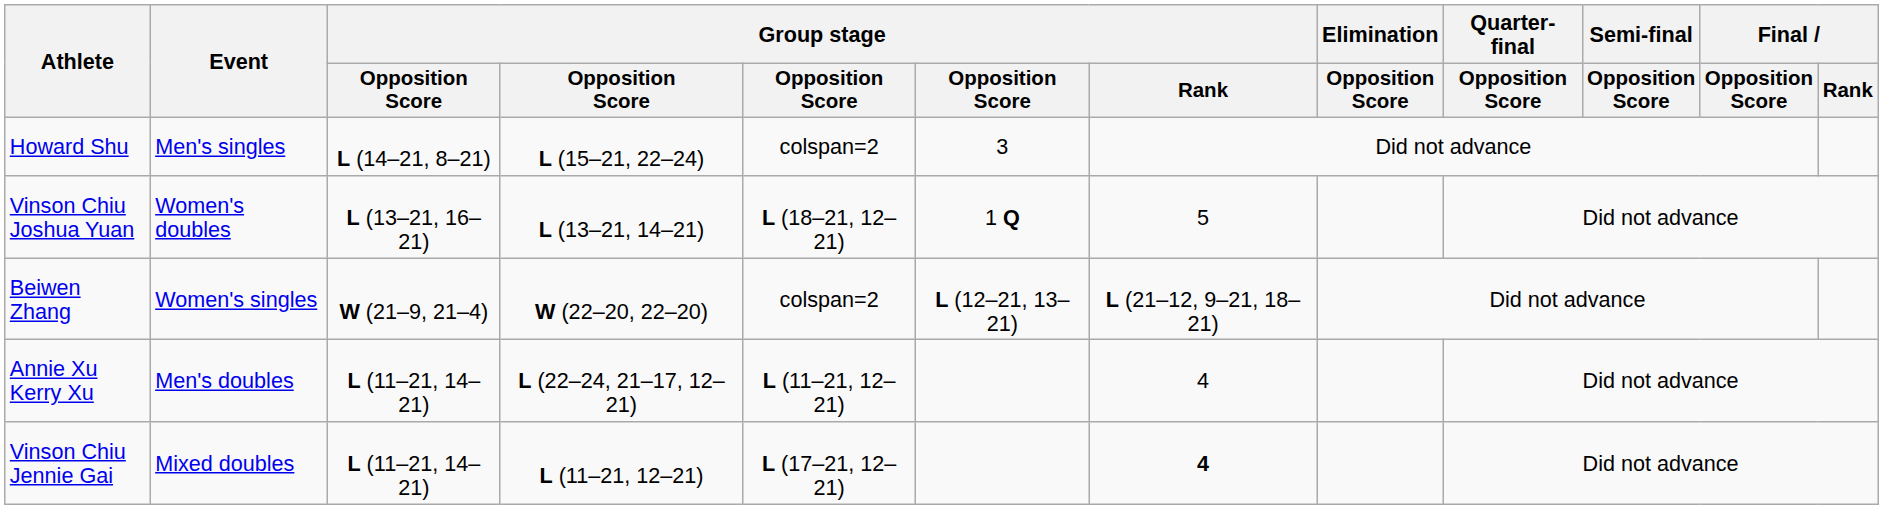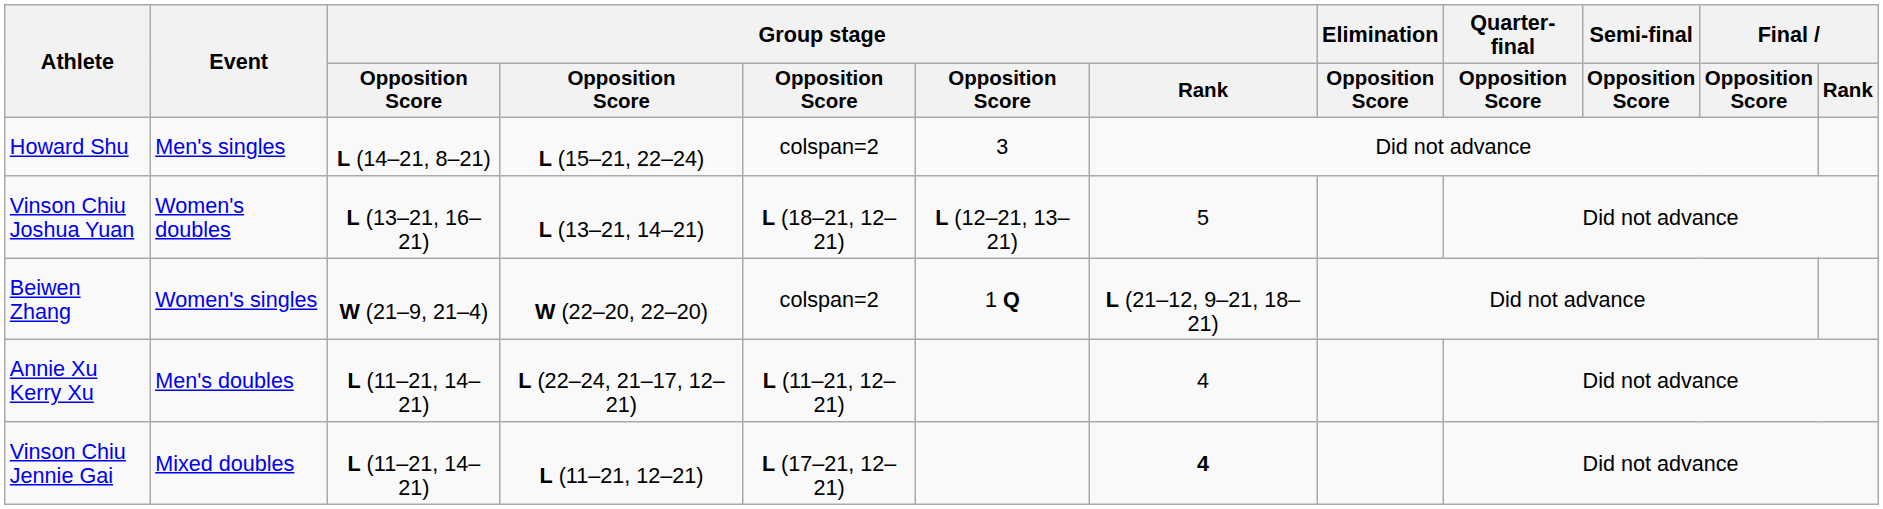 <table class=wikitable style=font-size:90%;text-align:center>
 <tr>
 <th rowspan=2>Athlete</th>
 <th rowspan=2>Event</th>
 <th colspan=5>Group stage</th>
 <th>Elimination</th>
 <th>Quarter-final</th>
 <th>Semi-final</th>
 <th colspan=2>Final / </th>
 </tr>
 <tr style=font-size:95%>
 <th>Opposition<br>Score</th>
 <th>Opposition<br>Score</th>
 <th>Opposition<br>Score</th>
 <th>Opposition<br>Score</th>
 <th>Rank</th>
 <th>Opposition<br>Score</th>
 <th>Opposition<br>Score</th>
 <th>Opposition<br>Score</th>
 <th>Opposition<br>Score</th>
 <th>Rank</th>
 </tr>
 <tr>
 <td align=left><a href='#'>Howard Shu</a></td>
 <td align=left><a href='#'>Men's singles</a></td>
 <td><br><strong>L</strong> (14–21, 8–21)</td>
 <td><br><strong>L</strong> (15–21, 22–24)</td>
 <td>colspan=2 </td>
 <td>3</td>
 <td colspan=5>Did not advance</td>
 </tr>
 <tr>
 <td align=left><a href='#'>Vinson Chiu</a><br><a href='#'>Joshua Yuan</a></td>
 <td align=left><a href='#'>Women's doubles</a></td>
 <td><br><strong>L</strong> (13–21, 16–21)</td>
 <td><br><strong>L</strong> (13–21, 14–21)</td>
 <td><br><strong>L</strong> (18–21, 12–21)</td>
-<td>1 <strong>Q</strong></td>
+<td><br><strong>L</strong> (12–21, 13–21)</td>
 <td>5</td>
 <td></td>
 <td colspan=4>Did not advance</td>
 </tr>
 <tr>
 <td align=left><a href='#'>Beiwen Zhang</a></td>
 <td align=left><a href='#'>Women's singles</a></td>
 <td><br><strong>W</strong> (21–9, 21–4)</td>
 <td><br><strong>W</strong> (22–20, 22–20)</td>
 <td>colspan=2 </td>
-<td><br><strong>L</strong> (12–21, 13–21)</td>
+<td>1 <strong>Q</strong></td>
 <td><br><strong>L</strong> (21–12, 9–21, 18–21)</td>
 <td colspan=4>Did not advance</td>
 </tr>
 <tr>
 <td align=left><a href='#'>Annie Xu</a><br><a href='#'>Kerry Xu</a></td>
 <td align=left><a href='#'>Men's doubles</a></td>
 <td><br><strong>L</strong> (11–21, 14–21)</td>
 <td><br><strong>L</strong> (22–24, 21–17, 12–21)</td>
 <td><br><strong>L</strong> (11–21, 12–21)</td>
 <td></td>
 <td>4</td>
 <td></td>
 <td colspan=4>Did not advance</td>
 </tr>
 <tr>
 <td align=left><a href='#'>Vinson Chiu</a><br><a href='#'>Jennie Gai</a></td>
 <td align=left><a href='#'>Mixed doubles</a></td>
 <td><br><strong>L</strong> (11–21, 14–21)</td>
 <td><br><strong>L</strong> (11–21, 12–21)</td>
 <td><br><strong>L</strong> (17–21, 12–21)</td>
 <td></td>
 <td><strong>4</strong></td>
 <td></td>
 <td colspan=4>Did not advance</td>
 </tr>
 </table>
